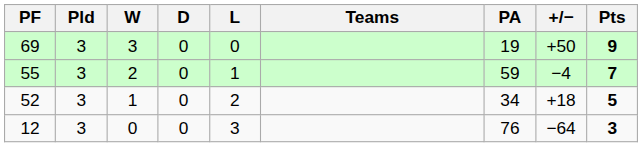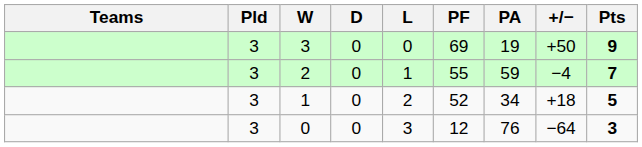 <table class="wikitable" style="text-align: center;">
 <tr>
-<th width="40">PF</th>
+<th width="200">Teams</th>
 <th width="40">Pld</th>
 <th width="40">W</th>
 <th width="40">D</th>
 <th width="40">L</th>
-<th width="200">Teams</th>
+<th width="40">PF</th>
 <th width="40">PA</th>
 <th width="40">+/−</th>
 <th width="40">Pts</th>
 </tr>
 <tr bgcolor=ccffcc>
-<td>69</td>
+<td align=left></td>
 <td>3</td>
 <td>3</td>
 <td>0</td>
 <td>0</td>
-<td align=left></td>
+<td>69</td>
 <td>19</td>
 <td>+50</td>
 <td><strong>9</strong></td>
 </tr>
 <tr bgcolor=ccffcc>
-<td>55</td>
+<td align=left></td>
 <td>3</td>
 <td>2</td>
 <td>0</td>
 <td>1</td>
-<td align=left></td>
+<td>55</td>
 <td>59</td>
 <td>−4</td>
 <td><strong>7</strong></td>
 </tr>
 <tr>
-<td>52</td>
+<td align=left></td>
 <td>3</td>
 <td>1</td>
 <td>0</td>
 <td>2</td>
-<td align=left></td>
+<td>52</td>
 <td>34</td>
 <td>+18</td>
 <td><strong>5</strong></td>
 </tr>
 <tr>
-<td>12</td>
+<td align=left></td>
 <td>3</td>
 <td>0</td>
 <td>0</td>
 <td>3</td>
-<td align=left></td>
+<td>12</td>
 <td>76</td>
 <td>−64</td>
 <td><strong>3</strong></td>
 </tr>
 </table>
